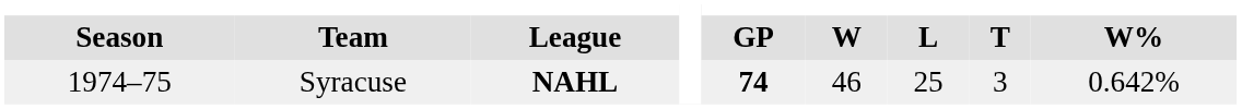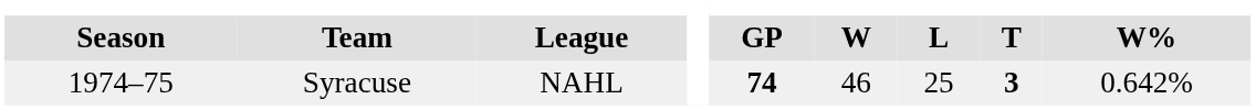 <table BORDER="0" CELLPADDING="3" CELLSPACING="0" width="75%">
 <tr bgcolor="#e0e0e0">
 <th colspan="3" bgcolor="#ffffff"></th>
 <th rowspan="99" bgcolor="#ffffff"></th>
 </tr>
 <tr bgcolor="#e0e0e0">
 <th>Season</th>
 <th>Team</th>
 <th>League</th>
 <th>GP</th>
 <th>W</th>
 <th>L</th>
 <th>T</th>
 <th>W%</th>
 </tr>
 <tr ALIGN="center"  bgcolor="#f0f0f0">
 <td>1974–75</td>
 <td>Syracuse</td>
-<td><strong>NAHL</strong></td>
+<td>NAHL</td>
 <td><strong>74</strong></td>
 <td>46</td>
 <td>25</td>
-<td>3</td>
+<td><strong>3</strong></td>
 <td>0.642%</td>
 </tr>
 </table>
